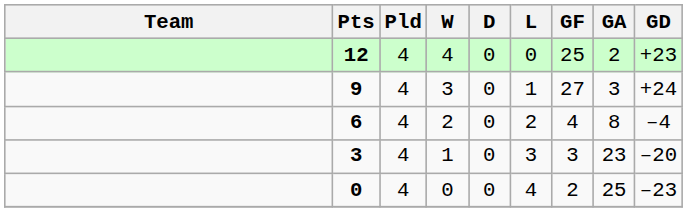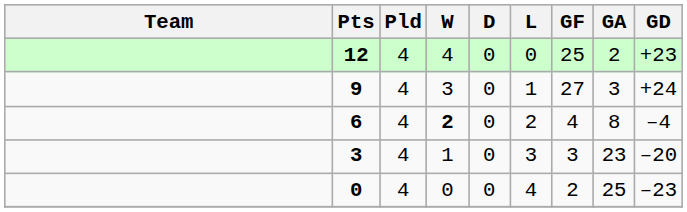 <table class=wikitable style="text-align:center">
 <tr>
 <th width=200>Team</th>
 <th width=20>Pts</th>
 <th width=20>Pld</th>
 <th width=20>W</th>
 <th width=20>D</th>
 <th width=20>L</th>
 <th width=20>GF</th>
 <th width=20>GA</th>
 <th width=20>GD</th>
 </tr>
 <tr style="background:#ccffcc">
 <td align=left></td>
 <td><strong>12</strong></td>
 <td>4</td>
 <td>4</td>
 <td>0</td>
 <td>0</td>
 <td>25</td>
 <td>2</td>
 <td>+23</td>
 </tr>
 <tr>
 <td align=left></td>
 <td><strong>9</strong></td>
 <td>4</td>
 <td>3</td>
 <td>0</td>
 <td>1</td>
 <td>27</td>
 <td>3</td>
 <td>+24</td>
 </tr>
 <tr>
 <td align=left></td>
 <td><strong>6</strong></td>
 <td>4</td>
-<td>2</td>
+<td><strong>2</strong></td>
 <td>0</td>
 <td>2</td>
 <td>4</td>
 <td>8</td>
 <td>–4</td>
 </tr>
 <tr>
 <td align=left></td>
 <td><strong>3</strong></td>
 <td>4</td>
 <td>1</td>
 <td>0</td>
 <td>3</td>
 <td>3</td>
 <td>23</td>
 <td>–20</td>
 </tr>
 <tr>
 <td align=left></td>
 <td><strong>0</strong></td>
 <td>4</td>
 <td>0</td>
 <td>0</td>
 <td>4</td>
 <td>2</td>
 <td>25</td>
 <td>–23</td>
 </tr>
 <tr>
 </tr>
 </table>
